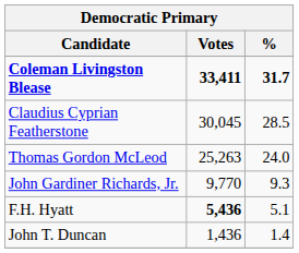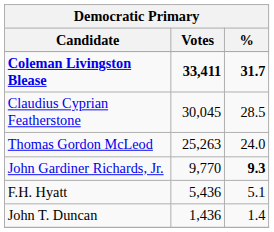 <table class="wikitable" align="left" style="margin: 1em 1em 1em 0; background: #f9f9f9; font-size: 95%;">
 <tr style="background-color:#E9E9E9">
 <th colspan="3">Democratic Primary</th>
 </tr>
 <tr style="background-color:#E9E9E9">
 <th colspan="1" style="width: 170px">Candidate</th>
 <th style="width: 50px">Votes</th>
 <th style="width: 40px">%</th>
 </tr>
 <tr>
 </tr>
 <tr>
 <td><strong><a href='#'>Coleman Livingston Blease</a></strong></td>
 <td align="right"><strong>33,411</strong></td>
 <td align="right"><strong>31.7</strong></td>
 </tr>
 <tr>
 <td><a href='#'>Claudius Cyprian Featherstone</a></td>
 <td align="right">30,045</td>
 <td align="right">28.5</td>
 </tr>
 <tr>
 <td><a href='#'>Thomas Gordon McLeod</a></td>
 <td align="right">25,263</td>
 <td align="right">24.0</td>
 </tr>
 <tr>
 <td><a href='#'>John Gardiner Richards, Jr.</a></td>
 <td align="right">9,770</td>
-<td align="right">9.3</td>
+<td align="right"><strong>9.3</strong></td>
 </tr>
 <tr>
 <td>F.H. Hyatt</td>
-<td align="right"><strong>5,436</strong></td>
+<td align="right">5,436</td>
 <td align="right">5.1</td>
 </tr>
 <tr>
 <td>John T. Duncan</td>
 <td align="right">1,436</td>
 <td align="right">1.4</td>
 </tr>
 <tr>
 </tr>
 </table>
